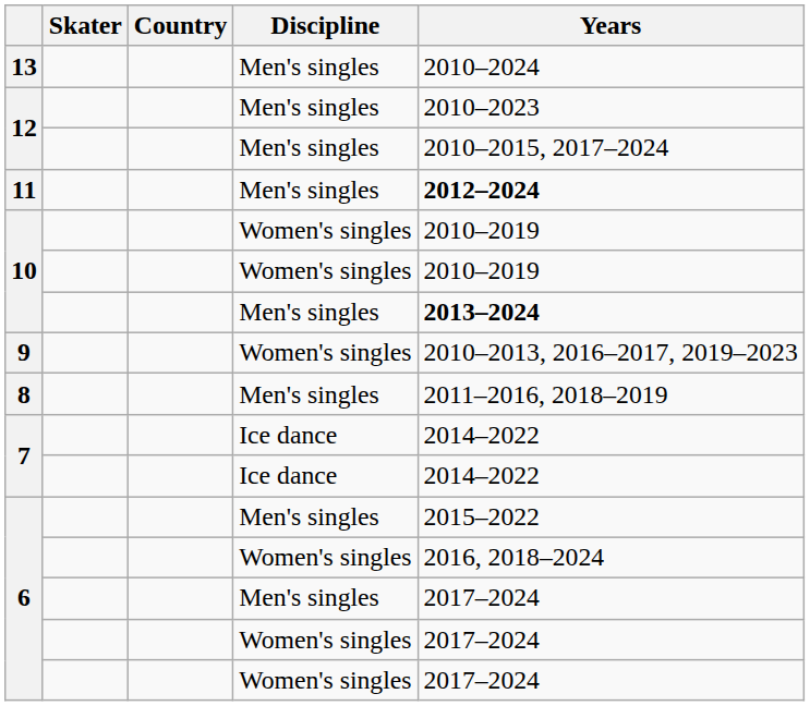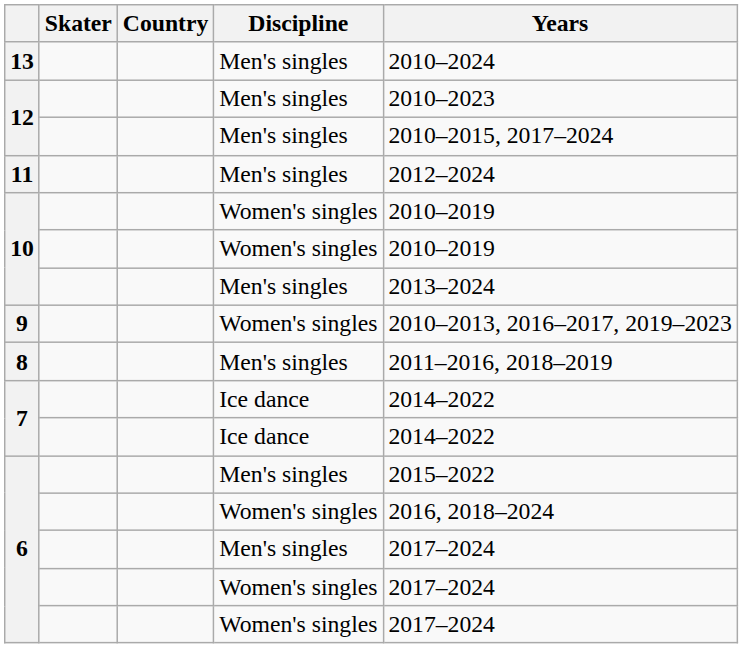 <table class="wikitable sortable">
 <tr>
 <th scope=col></th>
 <th scope=col>Skater</th>
 <th scope=col>Country</th>
 <th scope=col>Discipline</th>
 <th scope=col>Years</th>
 </tr>
 <tr>
 <th scope=col>13</th>
 <td></td>
 <td></td>
 <td>Men's singles</td>
 <td>2010–2024</td>
 </tr>
 <tr>
 <th scope=col rowspan=2>12</th>
 <td></td>
 <td></td>
 <td>Men's singles</td>
 <td>2010–2023</td>
 </tr>
 <tr>
 <td></td>
 <td></td>
 <td>Men's singles</td>
 <td>2010–2015, 2017–2024</td>
 </tr>
 <tr>
 <th scope=col>11</th>
 <td></td>
 <td></td>
 <td>Men's singles</td>
-<td><strong>2012–2024</strong></td>
+<td>2012–2024</td>
 </tr>
 <tr>
 <th scope=col rowspan=3>10</th>
 <td></td>
 <td></td>
 <td>Women's singles</td>
 <td>2010–2019</td>
 </tr>
 <tr>
 <td></td>
 <td></td>
 <td>Women's singles</td>
 <td>2010–2019</td>
 </tr>
 <tr>
 <td></td>
 <td></td>
 <td>Men's singles</td>
-<td><strong>2013–2024</strong></td>
+<td>2013–2024</td>
 </tr>
 <tr>
 <th scope=col>9</th>
 <td></td>
 <td></td>
 <td>Women's singles</td>
 <td>2010–2013, 2016–2017, 2019–2023</td>
 </tr>
 <tr>
 <th scope=col>8</th>
 <td></td>
 <td></td>
 <td>Men's singles</td>
 <td>2011–2016, 2018–2019</td>
 </tr>
 <tr>
 <th scope=col rowspan=2>7</th>
 <td></td>
 <td></td>
 <td>Ice dance</td>
 <td>2014–2022</td>
 </tr>
 <tr>
 <td></td>
 <td></td>
 <td>Ice dance</td>
 <td>2014–2022</td>
 </tr>
 <tr>
 <th scope=col rowspan=5>6</th>
 <td></td>
 <td></td>
 <td>Men's singles</td>
 <td>2015–2022</td>
 </tr>
 <tr>
 <td></td>
 <td></td>
 <td>Women's singles</td>
 <td>2016, 2018–2024</td>
 </tr>
 <tr>
 <td></td>
 <td></td>
 <td>Men's singles</td>
 <td>2017–2024</td>
 </tr>
 <tr>
 <td></td>
 <td></td>
 <td>Women's singles</td>
 <td>2017–2024</td>
 </tr>
 <tr>
 <td></td>
 <td></td>
 <td>Women's singles</td>
 <td>2017–2024</td>
 </tr>
 </table>
